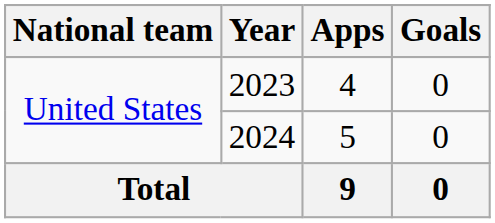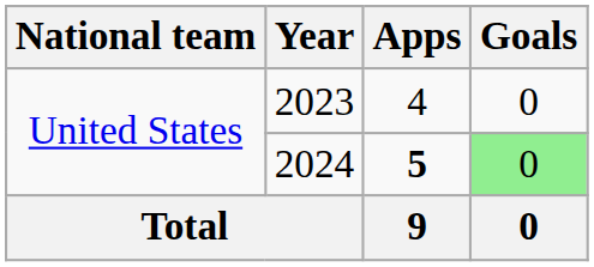 <table class="wikitable" style="text-align:center">
 <tr>
 <th>National team</th>
 <th>Year</th>
 <th>Apps</th>
 <th>Goals</th>
 </tr>
 <tr>
 <td rowspan="2"><a href='#'>United States</a></td>
 <td>2023</td>
 <td>4</td>
 <td>0</td>
 </tr>
 <tr>
 <td>2024</td>
-<td>5</td>
-<td>0</td>
+<td><strong>5</strong></td>
+<td style="background: lightgreen;">0</td>
 </tr>
 <tr>
 <th colspan="2">Total</th>
 <th>9</th>
 <th>0</th>
 </tr>
 </table>
